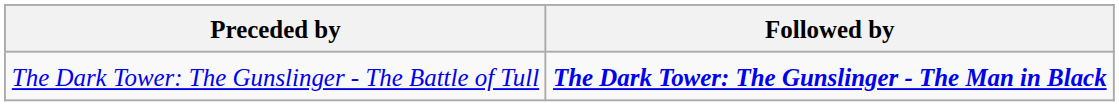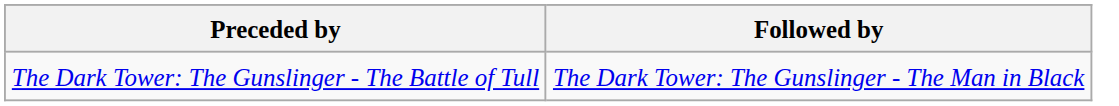 <table class="wikitable">
 <tr>
 <th><small><strong>Preceded by</strong></small></th>
 <th><small><strong>Followed by</strong></small></th>
 </tr>
 <tr>
 <td><small><em><a href='#'>The Dark Tower: The Gunslinger - The Battle of Tull</a></em></small></td>
-<td><strong><small><em><a href='#'>The Dark Tower: The Gunslinger - The Man in Black</a></em></small></strong></td>
+<td><small><em><a href='#'>The Dark Tower: The Gunslinger - The Man in Black</a></em></small></td>
 </tr>
 </table>
